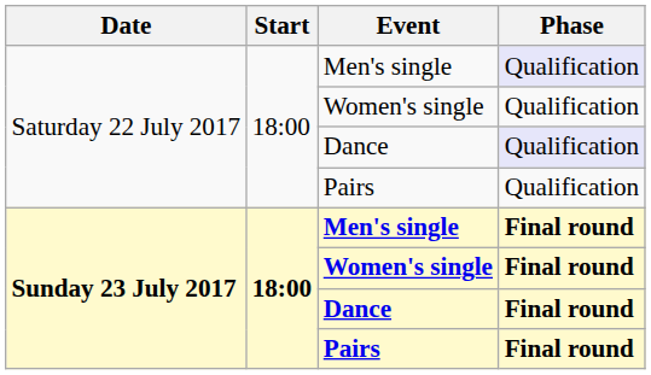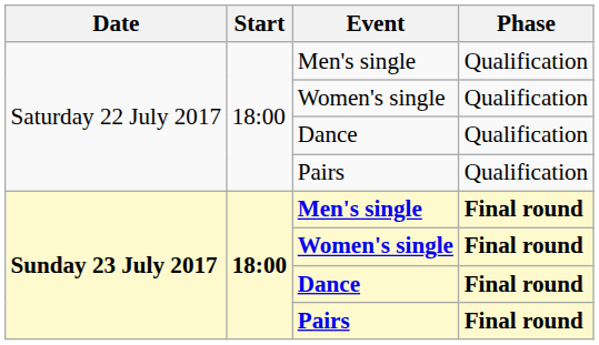 <table class=wikitable>
 <tr>
 <th>Date</th>
 <th>Start</th>
 <th>Event</th>
 <th>Phase</th>
 </tr>
 <tr>
 <td rowspan=4>Saturday 22 July 2017</td>
 <td rowspan=4>18:00</td>
 <td>Men's single</td>
-<td style="background: lavender;">Qualification</td>
+<td>Qualification</td>
 </tr>
 <tr>
 <td>Women's single</td>
 <td>Qualification</td>
 </tr>
 <tr>
 <td>Dance</td>
-<td style="background: lavender;">Qualification</td>
+<td>Qualification</td>
 </tr>
 <tr>
 <td>Pairs</td>
 <td>Qualification</td>
 </tr>
 <tr>
 <td style=background:lemonchiffon rowspan=4><strong>Sunday 23 July 2017</strong></td>
 <td style=background:lemonchiffon rowspan=4><strong>18:00</strong></td>
 <td style=background:lemonchiffon><strong><a href='#'>Men's single</a></strong></td>
 <td style=background:lemonchiffon><strong>Final round</strong></td>
 </tr>
 <tr>
 <td style=background:lemonchiffon><strong><a href='#'>Women's single</a></strong></td>
 <td style=background:lemonchiffon><strong>Final round</strong></td>
 </tr>
 <tr>
 <td style=background:lemonchiffon><strong><a href='#'>Dance</a></strong></td>
 <td style=background:lemonchiffon><strong>Final round</strong></td>
 </tr>
 <tr>
 <td style=background:lemonchiffon><strong><a href='#'>Pairs</a></strong></td>
 <td style=background:lemonchiffon><strong>Final round</strong></td>
 </tr>
 </table>
